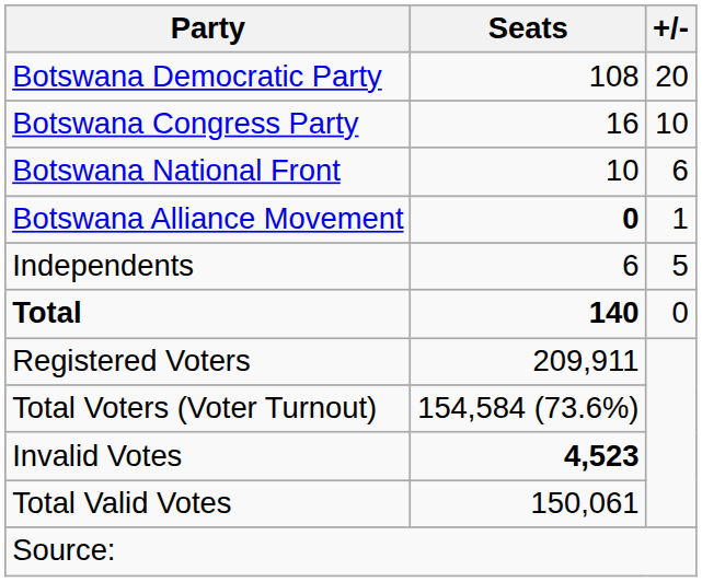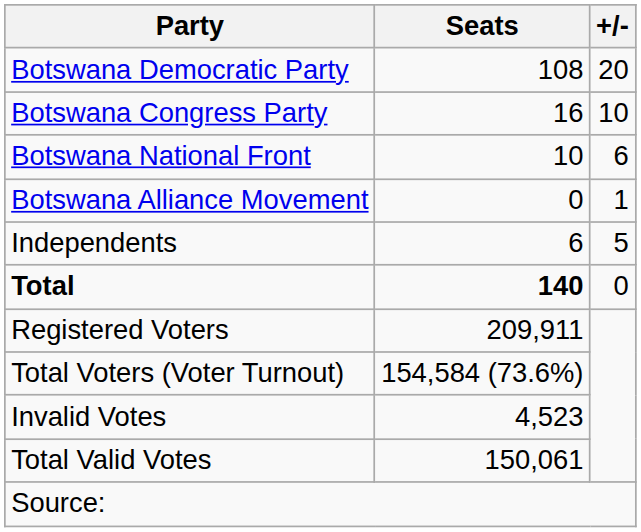 <table class=wikitable style=text-align:right>
 <tr>
 <th>Party</th>
 <th>Seats</th>
 <th>+/-</th>
 </tr>
 <tr>
 <td align=left><a href='#'>Botswana Democratic Party</a></td>
 <td>108</td>
 <td>20</td>
 </tr>
 <tr>
 <td align=left><a href='#'>Botswana Congress Party</a></td>
 <td>16</td>
 <td>10</td>
 </tr>
 <tr>
 <td align=left><a href='#'>Botswana National Front</a></td>
 <td>10</td>
 <td>6</td>
 </tr>
 <tr>
 <td align=left><a href='#'>Botswana Alliance Movement</a></td>
-<td><strong>0</strong></td>
+<td>0</td>
 <td>1</td>
 </tr>
 <tr>
 <td align=left>Independents</td>
 <td>6</td>
 <td>5</td>
 </tr>
 <tr>
 <td align=left><strong>Total</strong></td>
 <td><strong>140</strong></td>
 <td>0</td>
 </tr>
 <tr>
 <td align=left>Registered Voters</td>
 <td>209,911</td>
 </tr>
 <tr>
 <td align=left>Total Voters (Voter Turnout)</td>
 <td>154,584 (73.6%)</td>
 </tr>
 <tr>
 <td align=left>Invalid Votes</td>
-<td><strong>4,523</strong></td>
+<td>4,523</td>
 </tr>
 <tr>
 <td align=left>Total Valid Votes</td>
 <td>150,061</td>
 </tr>
 <tr>
 <td colspan=4 align=left>Source: </td>
 </tr>
 </table>
